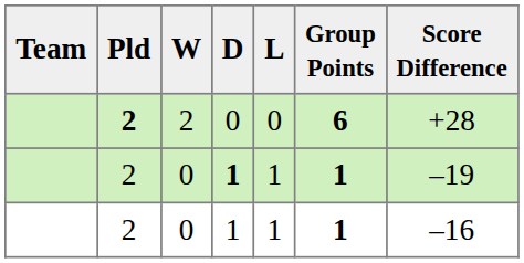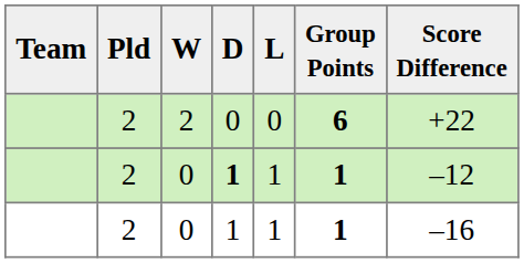 <table style=border-collapse:collapse border=1 cellspacing=0 cellpadding=5>
 <tr align=center bgcolor=#efefef>
 <th>Team</th>
 <th>Pld</th>
 <th>W</th>
 <th>D</th>
 <th>L</th>
 <th><small>Group<br>Points</small></th>
 <th><small>Score<br>Difference</small></th>
 </tr>
 <tr align=center style="background:#D0F0C0;">
 <td style="text-align:left;"> </td>
-<td><strong>2</strong></td>
+<td>2</td>
 <td>2</td>
 <td>0</td>
 <td>0</td>
 <td><strong>6</strong></td>
-<td>+28</td>
+<td>+22</td>
 </tr>
 <tr align=center style="background:#D0F0C0;">
 <td style="text-align:left;"> </td>
 <td>2</td>
 <td>0</td>
 <td><strong>1</strong></td>
 <td>1</td>
 <td><strong>1</strong></td>
-<td>–19</td>
+<td>–12</td>
 </tr>
 <tr align=center style="background:#FFFFFF;">
 <td style="text-align:left;"> </td>
 <td>2</td>
 <td>0</td>
 <td>1</td>
 <td>1</td>
 <td><strong>1</strong></td>
 <td>–16</td>
 </tr>
 </table>
